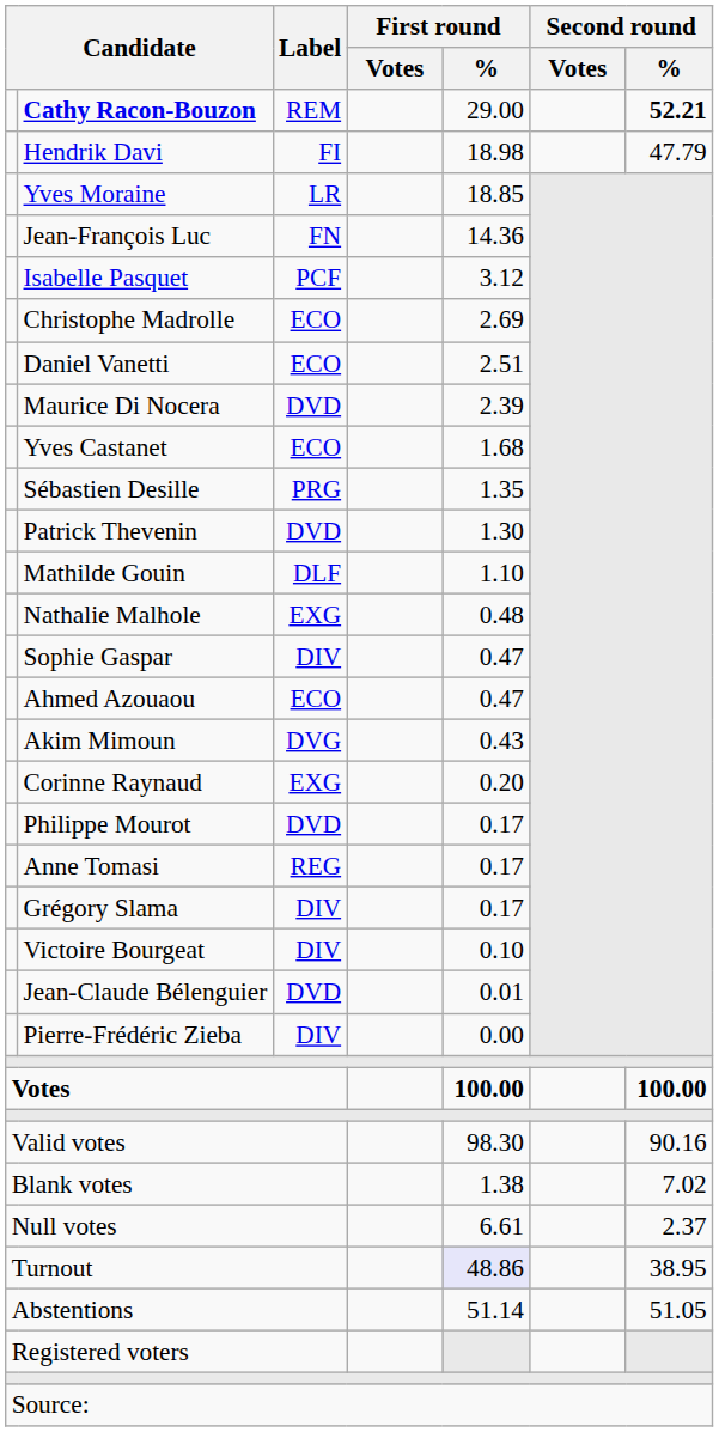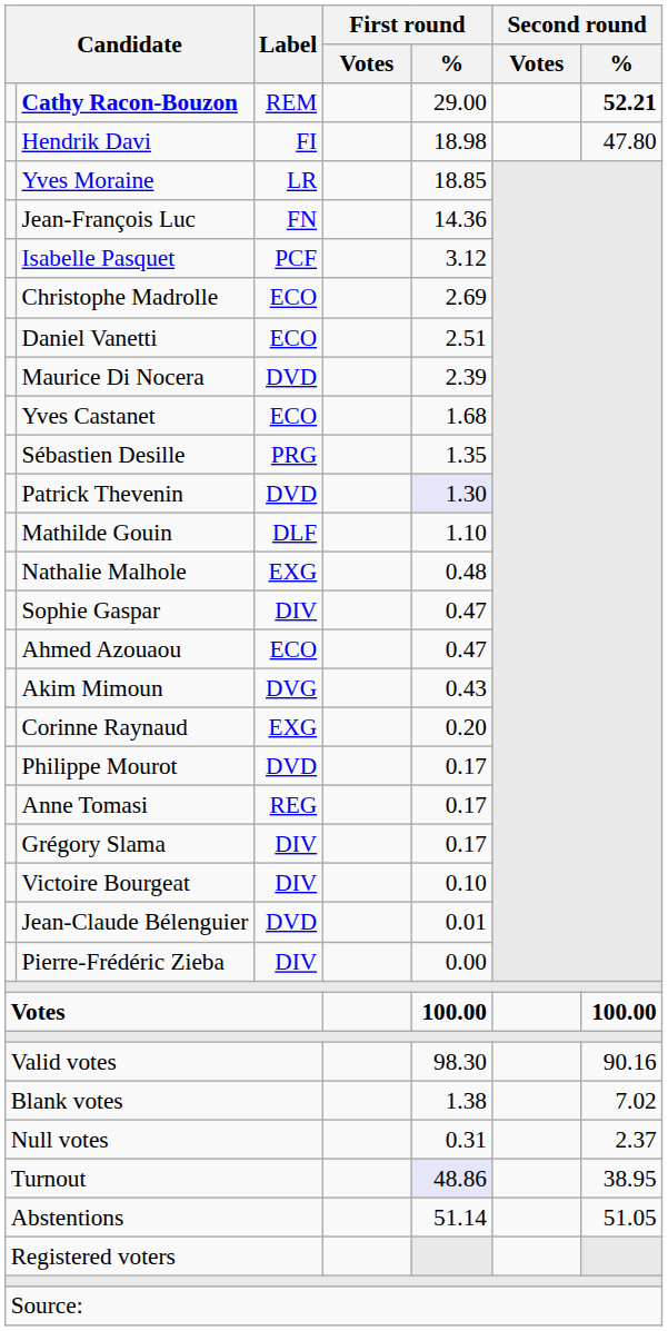 <table class="wikitable" style="text-align:right;font-size:95%;">
 <tr>
 <th rowspan="2" colspan="2">Candidate</th>
 <th rowspan="2">Label</th>
 <th colspan="2">First round</th>
 <th colspan="2">Second round</th>
 </tr>
 <tr>
 <th style="width:50px;">Votes</th>
 <th style="width:45px;">%</th>
 <th style="width:50px;">Votes</th>
 <th style="width:45px;">%</th>
 </tr>
 <tr>
 <td style="color:inherit;background:"></td>
 <td style="text-align:left;"><strong><a href='#'>Cathy Racon-Bouzon</a></strong></td>
 <td><a href='#'>REM</a></td>
 <td></td>
 <td>29.00</td>
 <td><strong></strong></td>
 <td><strong>52.21</strong></td>
 </tr>
 <tr>
 <td style="color:inherit;background:"></td>
 <td style="text-align:left;"><a href='#'>Hendrik Davi</a></td>
 <td><a href='#'>FI</a></td>
 <td></td>
 <td>18.98</td>
 <td></td>
-<td>47.79</td>
+<td>47.80</td>
 </tr>
 <tr>
 <td style="color:inherit;background:"></td>
 <td style="text-align:left;"><a href='#'>Yves Moraine</a></td>
 <td><a href='#'>LR</a></td>
 <td></td>
 <td>18.85</td>
 <td colspan="2" rowspan="21" style="background:#E9E9E9;"></td>
 </tr>
 <tr>
 <td style="color:inherit;background:"></td>
 <td style="text-align:left;">Jean-François Luc</td>
 <td><a href='#'>FN</a></td>
 <td></td>
 <td>14.36</td>
 </tr>
 <tr>
 <td style="color:inherit;background:"></td>
 <td style="text-align:left;"><a href='#'>Isabelle Pasquet</a></td>
 <td><a href='#'>PCF</a></td>
 <td></td>
 <td>3.12</td>
 </tr>
 <tr>
 <td style="color:inherit;background:"></td>
 <td style="text-align:left;">Christophe Madrolle</td>
 <td><a href='#'>ECO</a></td>
 <td></td>
 <td>2.69</td>
 </tr>
 <tr>
 <td style="color:inherit;background:"></td>
 <td style="text-align:left;">Daniel Vanetti</td>
 <td><a href='#'>ECO</a></td>
 <td></td>
 <td>2.51</td>
 </tr>
 <tr>
 <td style="color:inherit;background:"></td>
 <td style="text-align:left;">Maurice Di Nocera</td>
 <td><a href='#'>DVD</a></td>
 <td></td>
 <td>2.39</td>
 </tr>
 <tr>
 <td style="color:inherit;background:"></td>
 <td style="text-align:left;">Yves Castanet</td>
 <td><a href='#'>ECO</a></td>
 <td></td>
 <td>1.68</td>
 </tr>
 <tr>
 <td style="color:inherit;background:"></td>
 <td style="text-align:left;">Sébastien Desille</td>
 <td><a href='#'>PRG</a></td>
 <td></td>
 <td>1.35</td>
 </tr>
 <tr>
 <td style="color:inherit;background:"></td>
 <td style="text-align:left;">Patrick Thevenin</td>
 <td><a href='#'>DVD</a></td>
 <td></td>
-<td>1.30</td>
+<td style="background: lavender;">1.30</td>
 </tr>
 <tr>
 <td style="color:inherit;background:"></td>
 <td style="text-align:left;">Mathilde Gouin</td>
 <td><a href='#'>DLF</a></td>
 <td></td>
 <td>1.10</td>
 </tr>
 <tr>
 <td style="color:inherit;background:"></td>
 <td style="text-align:left;">Nathalie Malhole</td>
 <td><a href='#'>EXG</a></td>
 <td></td>
 <td>0.48</td>
 </tr>
 <tr>
 <td style="color:inherit;background:"></td>
 <td style="text-align:left;">Sophie Gaspar</td>
 <td><a href='#'>DIV</a></td>
 <td></td>
 <td>0.47</td>
 </tr>
 <tr>
 <td style="color:inherit;background:"></td>
 <td style="text-align:left;">Ahmed Azouaou</td>
 <td><a href='#'>ECO</a></td>
 <td></td>
 <td>0.47</td>
 </tr>
 <tr>
 <td style="color:inherit;background:"></td>
 <td style="text-align:left;">Akim Mimoun</td>
 <td><a href='#'>DVG</a></td>
 <td></td>
 <td>0.43</td>
 </tr>
 <tr>
 <td style="color:inherit;background:"></td>
 <td style="text-align:left;">Corinne Raynaud</td>
 <td><a href='#'>EXG</a></td>
 <td></td>
 <td>0.20</td>
 </tr>
 <tr>
 <td style="color:inherit;background:"></td>
 <td style="text-align:left;">Philippe Mourot</td>
 <td><a href='#'>DVD</a></td>
 <td></td>
 <td>0.17</td>
 </tr>
 <tr>
 <td style="color:inherit;background:"></td>
 <td style="text-align:left;">Anne Tomasi</td>
 <td><a href='#'>REG</a></td>
 <td></td>
 <td>0.17</td>
 </tr>
 <tr>
 <td style="color:inherit;background:"></td>
 <td style="text-align:left;">Grégory Slama</td>
 <td><a href='#'>DIV</a></td>
 <td></td>
 <td>0.17</td>
 </tr>
 <tr>
 <td style="color:inherit;background:"></td>
 <td style="text-align:left;">Victoire Bourgeat</td>
 <td><a href='#'>DIV</a></td>
 <td></td>
 <td>0.10</td>
 </tr>
 <tr>
 <td style="color:inherit;background:"></td>
 <td style="text-align:left;">Jean-Claude Bélenguier</td>
 <td><a href='#'>DVD</a></td>
 <td></td>
 <td>0.01</td>
 </tr>
 <tr>
 <td style="color:inherit;background:"></td>
 <td style="text-align:left;">Pierre-Frédéric Zieba</td>
 <td><a href='#'>DIV</a></td>
 <td></td>
 <td>0.00</td>
 </tr>
 <tr>
 <td colspan="7" style="background:#E9E9E9;"></td>
 </tr>
 <tr style="font-weight:bold;">
 <td colspan="3" style="text-align:left;">Votes</td>
 <td></td>
 <td>100.00</td>
 <td></td>
 <td>100.00</td>
 </tr>
 <tr>
 <td colspan="7" style="background:#E9E9E9;"></td>
 </tr>
 <tr>
 <td colspan="3" style="text-align:left;">Valid votes</td>
 <td></td>
 <td>98.30</td>
 <td></td>
 <td>90.16</td>
 </tr>
 <tr>
 <td colspan="3" style="text-align:left;">Blank votes</td>
 <td></td>
 <td>1.38</td>
 <td></td>
 <td>7.02</td>
 </tr>
 <tr>
 <td colspan="3" style="text-align:left;">Null votes</td>
 <td></td>
-<td>6.61</td>
+<td>0.31</td>
 <td></td>
 <td>2.37</td>
 </tr>
 <tr>
 <td colspan="3" style="text-align:left;">Turnout</td>
 <td></td>
 <td style="background: lavender;">48.86</td>
 <td></td>
 <td>38.95</td>
 </tr>
 <tr>
 <td colspan="3" style="text-align:left;">Abstentions</td>
 <td></td>
 <td>51.14</td>
 <td></td>
 <td>51.05</td>
 </tr>
 <tr>
 <td colspan="3" style="text-align:left;">Registered voters</td>
 <td></td>
 <td style="background:#E9E9E9;"></td>
 <td></td>
 <td style="background:#E9E9E9;"></td>
 </tr>
 <tr>
 <td colspan="7" style="background:#E9E9E9;"></td>
 </tr>
 <tr>
 <td colspan="7" style="text-align:left;">Source: </td>
 </tr>
 </table>
